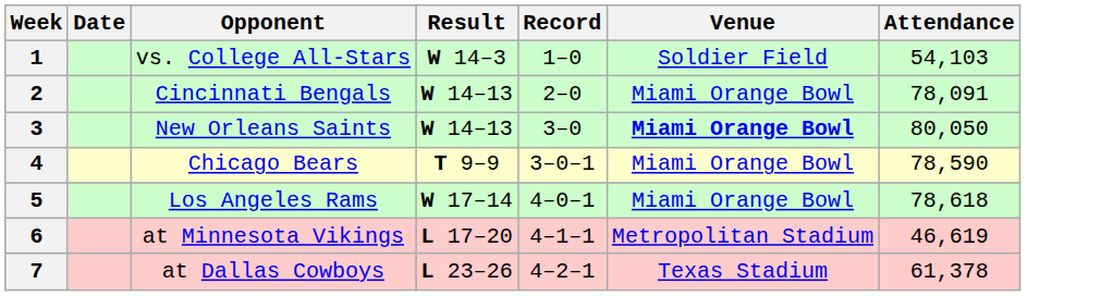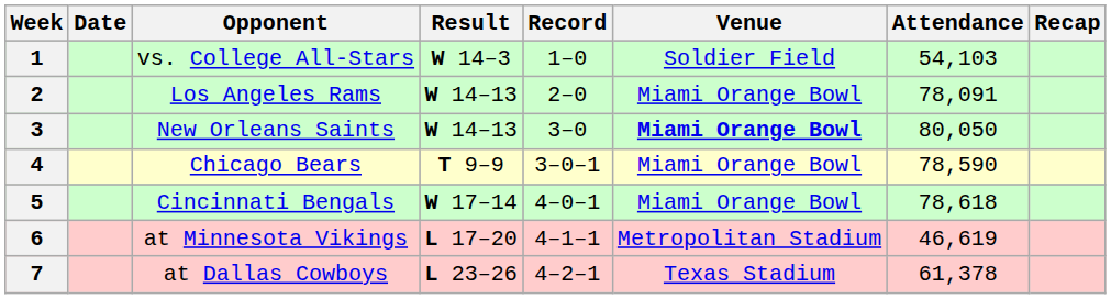 <table class="wikitable" style="text-align:center">
 <tr>
 <th>Week</th>
 <th>Date</th>
 <th>Opponent</th>
 <th>Result</th>
 <th>Record</th>
 <th>Venue</th>
 <th>Attendance</th>
+<th>Recap</th>
 </tr>
 <tr style="background:#cfc">
 <th>1</th>
 <td></td>
 <td>vs. <a href='#'>College All-Stars</a></td>
 <td><strong>W</strong> 14–3</td>
 <td>1–0</td>
 <td><a href='#'>Soldier Field</a> </td>
 <td>54,103</td>
+<td></td>
 </tr>
 <tr style="background:#cfc">
 <th>2</th>
 <td></td>
-<td><a href='#'>Cincinnati Bengals</a></td>
+<td><a href='#'>Los Angeles Rams</a></td>
 <td><strong>W</strong> 14–13</td>
 <td>2–0</td>
 <td><a href='#'>Miami Orange Bowl</a></td>
 <td>78,091</td>
+<td></td>
 </tr>
 <tr style="background:#cfc">
 <th>3</th>
 <td></td>
 <td><a href='#'>New Orleans Saints</a></td>
 <td><strong>W</strong> 14–13</td>
 <td>3–0</td>
 <td><strong><a href='#'>Miami Orange Bowl</a></strong></td>
 <td>80,050</td>
+<td></td>
 </tr>
 <tr style="background:#ffc">
 <th>4</th>
 <td></td>
 <td><a href='#'>Chicago Bears</a></td>
 <td><strong>T</strong> 9–9</td>
 <td>3–0–1</td>
 <td><a href='#'>Miami Orange Bowl</a></td>
 <td>78,590</td>
+<td></td>
 </tr>
 <tr style="background:#cfc">
 <th>5</th>
 <td></td>
-<td><a href='#'>Los Angeles Rams</a></td>
+<td><a href='#'>Cincinnati Bengals</a></td>
 <td><strong>W</strong> 17–14</td>
 <td>4–0–1</td>
 <td><a href='#'>Miami Orange Bowl</a></td>
 <td>78,618</td>
+<td></td>
 </tr>
 <tr style="background:#fcc">
 <th>6</th>
 <td></td>
 <td>at <a href='#'>Minnesota Vikings</a></td>
 <td><strong>L</strong> 17–20</td>
 <td>4–1–1</td>
 <td><a href='#'>Metropolitan Stadium</a></td>
 <td>46,619</td>
+<td></td>
 </tr>
 <tr style="background:#fcc">
 <th>7</th>
 <td></td>
 <td>at <a href='#'>Dallas Cowboys</a></td>
 <td><strong>L</strong> 23–26</td>
 <td>4–2–1</td>
 <td><a href='#'>Texas Stadium</a></td>
 <td>61,378</td>
+<td></td>
 </tr>
 </table>
